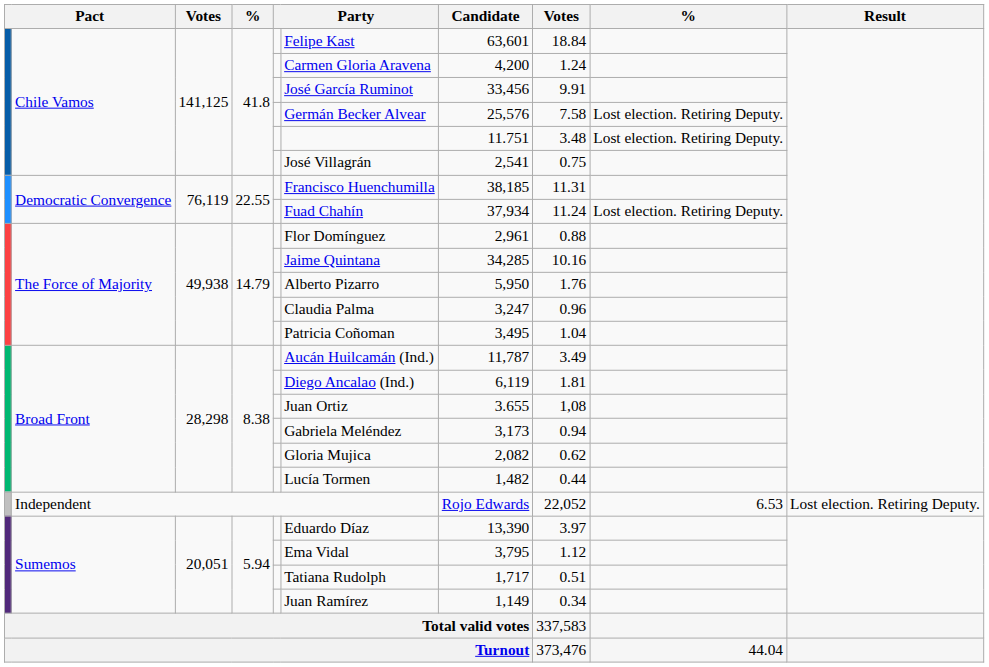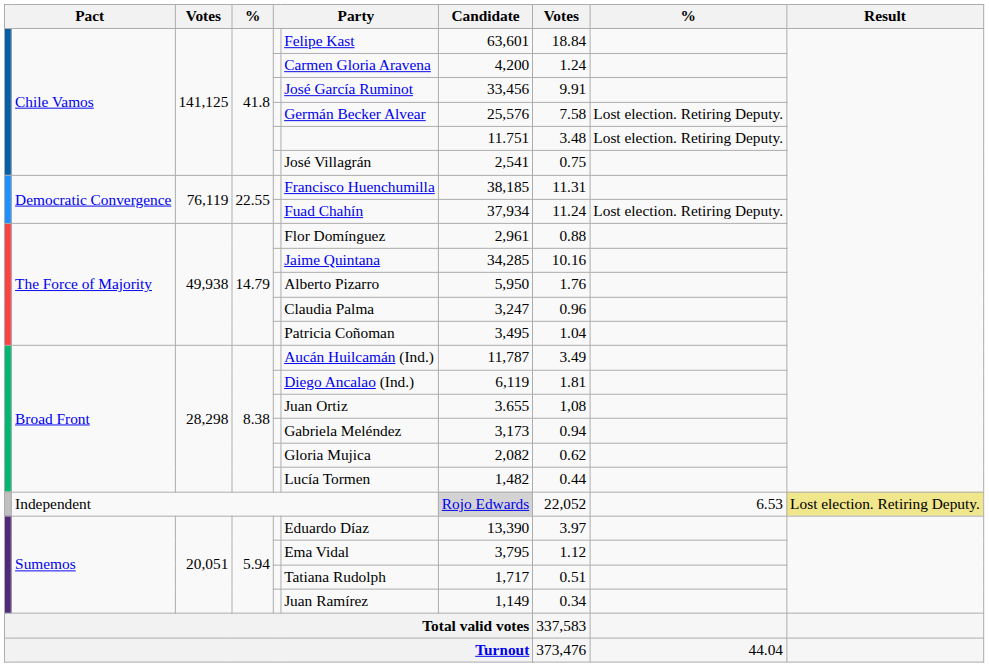 <table class=wikitable style="text-align: right;">
 <tr>
 <th scope="col" colspan="2">Pact</th>
 <th scope="col">Votes</th>
 <th scope="col">%</th>
 <th scope="col" colspan="2">Party</th>
 <th scope="col">Candidate</th>
 <th scope="col">Votes</th>
 <th scope="col">%</th>
 <th scope="col">Result</th>
 </tr>
 <tr>
 <td rowspan=6 bgcolor=#065DA8></td>
 <td rowspan=6 align=left><a href='#'>Chile Vamos</a></td>
 <td rowspan=6>141,125</td>
 <td rowspan=6>41.8</td>
 <td></td>
 <td align=left><a href='#'>Felipe Kast</a></td>
 <td>63,601</td>
 <td>18.84</td>
 <td></td>
 </tr>
 <tr>
 <td></td>
 <td align=left><a href='#'>Carmen Gloria Aravena</a></td>
 <td>4,200</td>
 <td>1.24</td>
 <td></td>
 </tr>
 <tr>
 <td></td>
 <td align=left><a href='#'>José García Ruminot</a></td>
 <td>33,456</td>
 <td>9.91</td>
 <td></td>
 </tr>
 <tr>
 <td></td>
 <td align=left><a href='#'>Germán Becker Alvear</a></td>
 <td>25,576</td>
 <td>7.58</td>
 <td>Lost election. Retiring Deputy.</td>
 </tr>
 <tr>
 <td></td>
 <td align=left></td>
 <td>11.751</td>
 <td>3.48</td>
 <td>Lost election. Retiring Deputy.</td>
 </tr>
 <tr>
 <td></td>
 <td align=left>José Villagrán</td>
 <td>2,541</td>
 <td>0.75</td>
 <td></td>
 </tr>
 <tr>
 <td rowspan=2 bgcolor=dodgerblue></td>
 <td rowspan=2 align=left><a href='#'>Democratic Convergence</a></td>
 <td rowspan=2>76,119</td>
 <td rowspan=2>22.55</td>
 <td></td>
 <td align=left><a href='#'>Francisco Huenchumilla</a></td>
 <td>38,185</td>
 <td>11.31</td>
 <td></td>
 </tr>
 <tr>
 <td></td>
 <td align=left><a href='#'>Fuad Chahín</a></td>
 <td>37,934</td>
 <td>11.24</td>
 <td>Lost election. Retiring Deputy.</td>
 </tr>
 <tr>
 <td rowspan=5 bgcolor=#fc4143></td>
 <td rowspan=5 align=left><a href='#'>The Force of Majority</a></td>
 <td rowspan=5>49,938</td>
 <td rowspan=5>14.79</td>
 <td></td>
 <td align=left>Flor Domínguez</td>
 <td>2,961</td>
 <td>0.88</td>
 <td></td>
 </tr>
 <tr>
 <td></td>
 <td align=left><a href='#'>Jaime Quintana</a></td>
 <td>34,285</td>
 <td>10.16</td>
 <td></td>
 </tr>
 <tr>
 <td></td>
 <td align=left>Alberto Pizarro</td>
 <td>5,950</td>
 <td>1.76</td>
 <td></td>
 </tr>
 <tr>
 <td></td>
 <td align=left>Claudia Palma</td>
 <td>3,247</td>
 <td>0.96</td>
 <td></td>
 </tr>
 <tr>
 <td></td>
 <td align=left>Patricia Coñoman</td>
 <td>3,495</td>
 <td>1.04</td>
 <td></td>
 </tr>
 <tr>
 <td rowspan=6 bgcolor=#00B771></td>
 <td align=left rowspan=6><a href='#'>Broad Front</a></td>
 <td rowspan=6>28,298</td>
 <td rowspan=6>8.38</td>
 <td></td>
 <td align=left><a href='#'>Aucán Huilcamán</a> (Ind.)</td>
 <td>11,787</td>
 <td>3.49</td>
 <td></td>
 </tr>
 <tr>
 <td></td>
 <td align=left><a href='#'>Diego Ancalao</a> (Ind.)</td>
 <td>6,119</td>
 <td>1.81</td>
 <td></td>
 </tr>
 <tr>
 <td></td>
 <td align=left>Juan Ortiz</td>
 <td>3.655</td>
 <td>1,08</td>
 <td></td>
 </tr>
 <tr>
 <td></td>
 <td align=left>Gabriela Meléndez</td>
 <td>3,173</td>
 <td>0.94</td>
 <td></td>
 </tr>
 <tr>
 <td></td>
 <td align=left>Gloria Mujica</td>
 <td>2,082</td>
 <td>0.62</td>
 <td></td>
 </tr>
 <tr>
 <td></td>
 <td align=left>Lucía Tormen</td>
 <td>1,482</td>
 <td>0.44</td>
 <td></td>
 </tr>
 <tr>
 <td bgcolor=silver></td>
 <td align=left colspan=5>Independent</td>
-<td align=left><a href='#'>Rojo Edwards</a></td>
+<td align=left style="background: lightgrey;"><a href='#'>Rojo Edwards</a></td>
 <td>22,052</td>
 <td>6.53</td>
-<td>Lost election. Retiring Deputy.</td>
+<td style="background: khaki;">Lost election. Retiring Deputy.</td>
 </tr>
 <tr>
 <td rowspan=4 bgcolor=#51297B></td>
 <td rowspan=4 align=left><a href='#'>Sumemos</a></td>
 <td rowspan=4>20,051</td>
 <td rowspan=4>5.94</td>
 <td></td>
 <td align=left>Eduardo Díaz</td>
 <td>13,390</td>
 <td>3.97</td>
 <td></td>
 </tr>
 <tr>
 <td></td>
 <td align=left>Ema Vidal</td>
 <td>3,795</td>
 <td>1.12</td>
 <td></td>
 </tr>
 <tr>
 <td></td>
 <td align=left>Tatiana Rudolph</td>
 <td>1,717</td>
 <td>0.51</td>
 <td></td>
 </tr>
 <tr>
 <td></td>
 <td align=left>Juan Ramírez</td>
 <td>1,149</td>
 <td>0.34</td>
 <td></td>
 </tr>
 <tr style="background-color:#F6F6F6">
 <th colspan="7" style="text-align:right;">Total valid votes</th>
 <td style="text-align:right;">337,583</td>
 <td style="text-align:right;"></td>
 <td style="text-align:right;"></td>
 </tr>
 <tr style="background-color:#F6F6F6">
 <th colspan="7" style="text-align:right;"><a href='#'>Turnout</a></th>
 <td style="text-align:right;">373,476</td>
 <td style="text-align:right;">44.04</td>
 <td style="text-align:right;"></td>
 </tr>
 </table>
